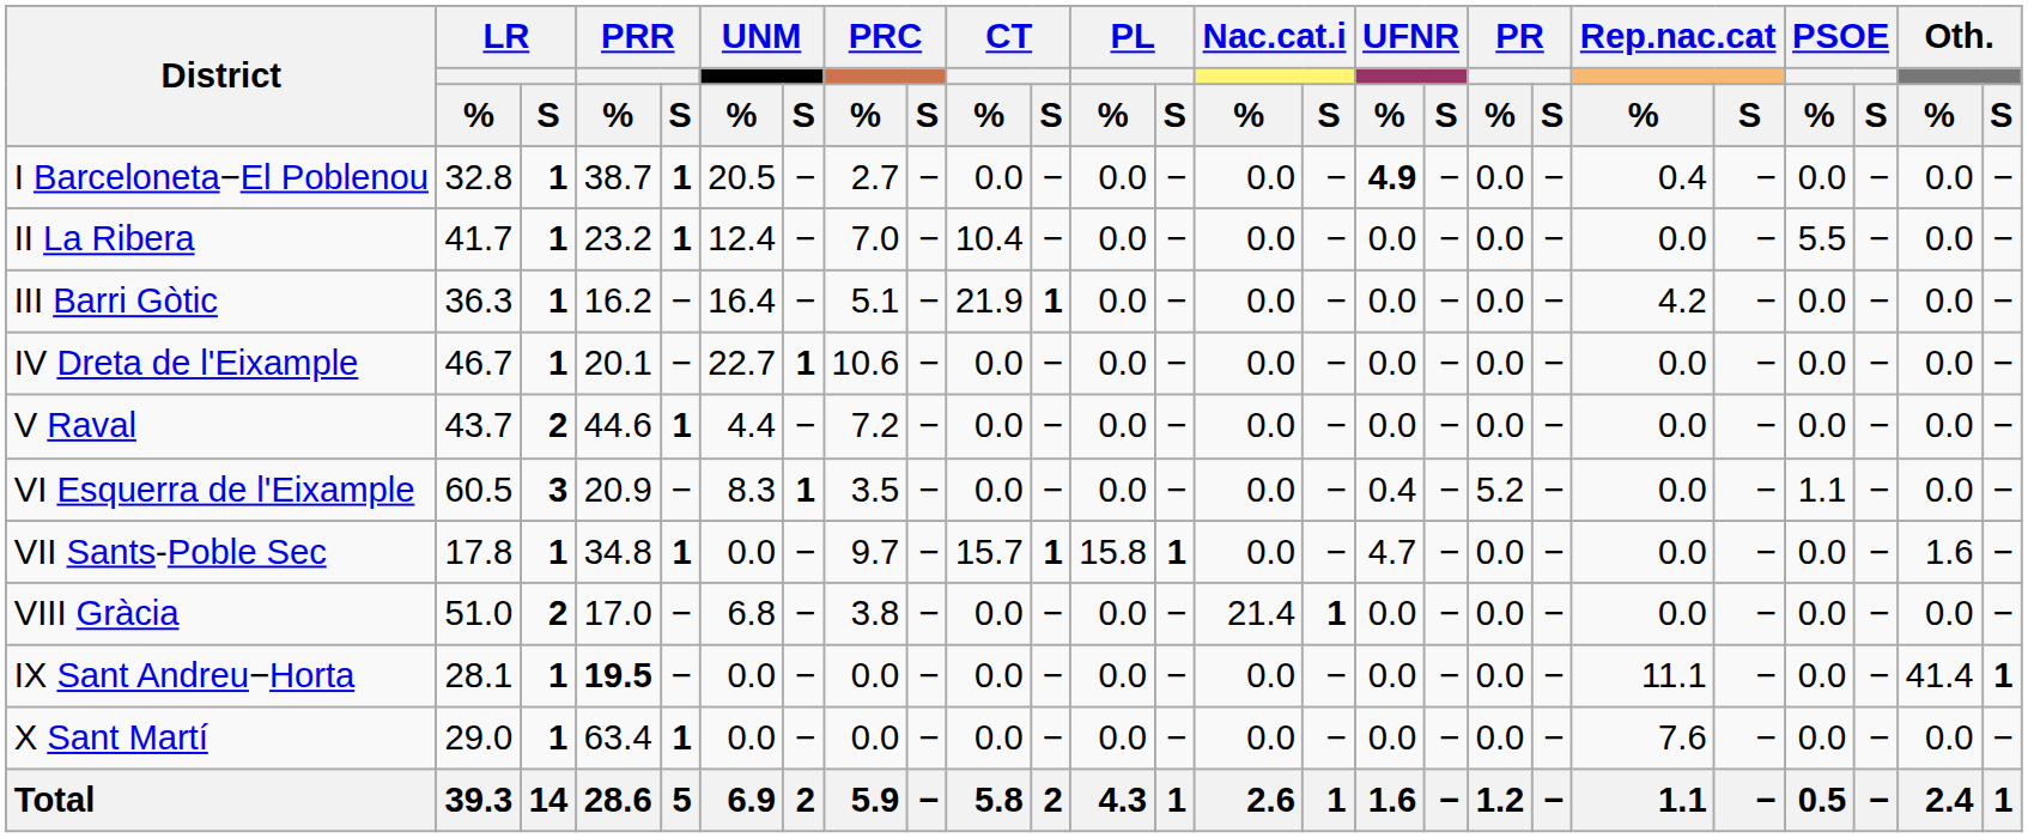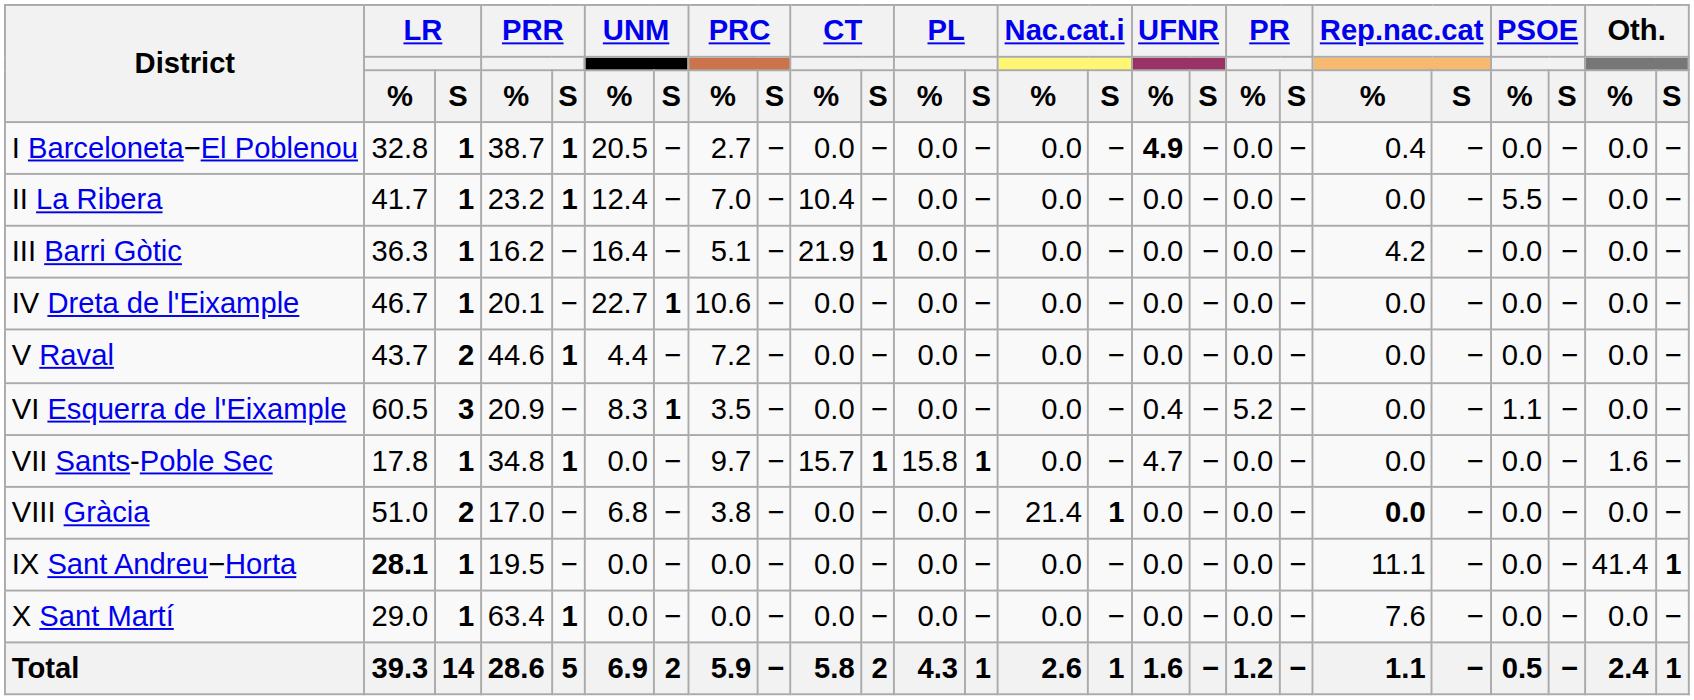 <table class='wikitable sortable' style="text-align:right; font-size:95%; line-height:20px">
 <tr>
 <th rowspan='3'>District</th>
 <th colspan='2' width='30px'><a href='#'>LR</a></th>
 <th colspan='2' width='30px'><a href='#'>PRR</a></th>
 <th colspan='2' width='30px'><a href='#'>UNM</a></th>
 <th colspan='2' width='30px'><a href='#'>PRC</a></th>
 <th colspan='2' width='30px'><a href='#'>CT</a></th>
 <th colspan='2' width='30px'><a href='#'>PL</a></th>
 <th colspan='2' width='30px'><a href='#'>Nac.cat.i</a></th>
 <th colspan='2' width='30px'><a href='#'>UFNR</a></th>
 <th colspan='2' width='30px'><a href='#'>PR</a></th>
 <th colspan='2' width='30px'><a href='#'>Rep.nac.cat</a></th>
 <th colspan='2' width='30px'><a href='#'>PSOE</a></th>
 <th colspan='2' width='30px'>Oth.</th>
 </tr>
 <tr>
 <th colspan='2' style='background:'></th>
 <th colspan='2' style='background:'></th>
 <th colspan='2' style='background:#000000'></th>
 <th colspan='2' style='background:#CC734C'></th>
 <th colspan='2' style='background:'></th>
 <th colspan='2' style='background:'></th>
 <th colspan='2' style='background:#FFF673'></th>
 <th colspan='2' style='background:#993366'></th>
 <th colspan='2' style='background:'></th>
 <th colspan='2' style='background:#F7B96F'></th>
 <th colspan='2' style='background:'></th>
 <th colspan='2' style='background:#777777'></th>
 </tr>
 <tr>
 <th data-sort-type='number'>%</th>
 <th data-sort-type='number'>S</th>
 <th data-sort-type='number'>%</th>
 <th data-sort-type='number'>S</th>
 <th data-sort-type='number'>%</th>
 <th data-sort-type='number'>S</th>
 <th data-sort-type='number'>%</th>
 <th data-sort-type='number'>S</th>
 <th data-sort-type='number'>%</th>
 <th data-sort-type='number'>S</th>
 <th data-sort-type='number'>%</th>
 <th data-sort-type='number'>S</th>
 <th data-sort-type='number'>%</th>
 <th data-sort-type='number'>S</th>
 <th data-sort-type='number'>%</th>
 <th data-sort-type='number'>S</th>
 <th data-sort-type='number'>%</th>
 <th data-sort-type='number'>S</th>
 <th data-sort-type='number'>%</th>
 <th data-sort-type='number'>S</th>
 <th data-sort-type='number'>%</th>
 <th data-sort-type='number'>S</th>
 <th data-sort-type='number'>%</th>
 <th data-sort-type='number'>S</th>
 </tr>
 <tr>
 <td style='text-align: left;'>I <a href='#'>Barceloneta</a>−<a href='#'>El Poblenou</a></td>
 <td style='text-align: right;'>32.8</td>
 <td style='text-align: right;'><strong>1</strong></td>
 <td style='text-align: right;'>38.7</td>
 <td style='text-align: right;'><strong>1</strong></td>
 <td style='text-align: right;'>20.5</td>
 <td style='text-align: right;'>−</td>
 <td style='text-align: right;'>2.7</td>
 <td style='text-align: right;'>−</td>
 <td style='text-align: right;'>0.0</td>
 <td style='text-align: right;'>−</td>
 <td style='text-align: right;'>0.0</td>
 <td style='text-align: right;'>−</td>
 <td style='text-align: right;'>0.0</td>
 <td style='text-align: right;'>−</td>
 <td style='text-align: right;'><strong>4.9</strong></td>
 <td style='text-align: right;'>−</td>
 <td style='text-align: right;'>0.0</td>
 <td style='text-align: right;'>−</td>
 <td style='text-align: right;'>0.4</td>
 <td style='text-align: right;'>−</td>
 <td style='text-align: right;'>0.0</td>
 <td style='text-align: right;'>−</td>
 <td style='text-align: right;'>0.0</td>
 <td style='text-align: right;'>−</td>
 </tr>
 <tr>
 <td style='text-align: left;'>II <a href='#'>La Ribera</a></td>
 <td style='text-align: right;'>41.7</td>
 <td style='text-align: right;'><strong>1</strong></td>
 <td style='text-align: right;'>23.2</td>
 <td style='text-align: right;'><strong>1</strong></td>
 <td style='text-align: right;'>12.4</td>
 <td style='text-align: right;'>−</td>
 <td style='text-align: right;'>7.0</td>
 <td style='text-align: right;'>−</td>
 <td style='text-align: right;'>10.4</td>
 <td style='text-align: right;'>−</td>
 <td style='text-align: right;'>0.0</td>
 <td style='text-align: right;'>−</td>
 <td style='text-align: right;'>0.0</td>
 <td style='text-align: right;'>−</td>
 <td style='text-align: right;'>0.0</td>
 <td style='text-align: right;'>−</td>
 <td style='text-align: right;'>0.0</td>
 <td style='text-align: right;'>−</td>
 <td style='text-align: right;'>0.0</td>
 <td style='text-align: right;'>−</td>
 <td style='text-align: right;'>5.5</td>
 <td style='text-align: right;'>−</td>
 <td style='text-align: right;'>0.0</td>
 <td style='text-align: right;'>−</td>
 </tr>
 <tr>
 <td style='text-align: left;'>III <a href='#'>Barri Gòtic</a></td>
 <td style='text-align: right;'>36.3</td>
 <td style='text-align: right;'><strong>1</strong></td>
 <td style='text-align: right;'>16.2</td>
 <td style='text-align: right;'>−</td>
 <td style='text-align: right;'>16.4</td>
 <td style='text-align: right;'>−</td>
 <td style='text-align: right;'>5.1</td>
 <td style='text-align: right;'>−</td>
 <td style='text-align: right;'>21.9</td>
 <td style='text-align: right;'><strong>1</strong></td>
 <td style='text-align: right;'>0.0</td>
 <td style='text-align: right;'>−</td>
 <td style='text-align: right;'>0.0</td>
 <td style='text-align: right;'>−</td>
 <td style='text-align: right;'>0.0</td>
 <td style='text-align: right;'>−</td>
 <td style='text-align: right;'>0.0</td>
 <td style='text-align: right;'>−</td>
 <td style='text-align: right;'>4.2</td>
 <td style='text-align: right;'>−</td>
 <td style='text-align: right;'>0.0</td>
 <td style='text-align: right;'>−</td>
 <td style='text-align: right;'>0.0</td>
 <td style='text-align: right;'>−</td>
 </tr>
 <tr>
 <td style='text-align: left;'>IV <a href='#'>Dreta de l'Eixample</a></td>
 <td style='text-align: right;'>46.7</td>
 <td style='text-align: right;'><strong>1</strong></td>
 <td style='text-align: right;'>20.1</td>
 <td style='text-align: right;'>−</td>
 <td style='text-align: right;'>22.7</td>
 <td style='text-align: right;'><strong>1</strong></td>
 <td style='text-align: right;'>10.6</td>
 <td style='text-align: right;'>−</td>
 <td style='text-align: right;'>0.0</td>
 <td style='text-align: right;'>−</td>
 <td style='text-align: right;'>0.0</td>
 <td style='text-align: right;'>−</td>
 <td style='text-align: right;'>0.0</td>
 <td style='text-align: right;'>−</td>
 <td style='text-align: right;'>0.0</td>
 <td style='text-align: right;'>−</td>
 <td style='text-align: right;'>0.0</td>
 <td style='text-align: right;'>−</td>
 <td style='text-align: right;'>0.0</td>
 <td style='text-align: right;'>−</td>
 <td style='text-align: right;'>0.0</td>
 <td style='text-align: right;'>−</td>
 <td style='text-align: right;'>0.0</td>
 <td style='text-align: right;'>−</td>
 </tr>
 <tr>
 <td style='text-align: left;'>V <a href='#'>Raval</a></td>
 <td style='text-align: right;'>43.7</td>
 <td style='text-align: right;'><strong>2</strong></td>
 <td style='text-align: right;'>44.6</td>
 <td style='text-align: right;'><strong>1</strong></td>
 <td style='text-align: right;'>4.4</td>
 <td style='text-align: right;'>−</td>
 <td style='text-align: right;'>7.2</td>
 <td style='text-align: right;'>−</td>
 <td style='text-align: right;'>0.0</td>
 <td style='text-align: right;'>−</td>
 <td style='text-align: right;'>0.0</td>
 <td style='text-align: right;'>−</td>
 <td style='text-align: right;'>0.0</td>
 <td style='text-align: right;'>−</td>
 <td style='text-align: right;'>0.0</td>
 <td style='text-align: right;'>−</td>
 <td style='text-align: right;'>0.0</td>
 <td style='text-align: right;'>−</td>
 <td style='text-align: right;'>0.0</td>
 <td style='text-align: right;'>−</td>
 <td style='text-align: right;'>0.0</td>
 <td style='text-align: right;'>−</td>
 <td style='text-align: right;'>0.0</td>
 <td style='text-align: right;'>−</td>
 </tr>
 <tr>
 <td style='text-align: left;'>VI <a href='#'>Esquerra de l'Eixample</a></td>
 <td style='text-align: right;'>60.5</td>
 <td style='text-align: right;'><strong>3</strong></td>
 <td style='text-align: right;'>20.9</td>
 <td style='text-align: right;'>−</td>
 <td style='text-align: right;'>8.3</td>
 <td style='text-align: right;'><strong>1</strong></td>
 <td style='text-align: right;'>3.5</td>
 <td style='text-align: right;'>−</td>
 <td style='text-align: right;'>0.0</td>
 <td style='text-align: right;'>−</td>
 <td style='text-align: right;'>0.0</td>
 <td style='text-align: right;'>−</td>
 <td style='text-align: right;'>0.0</td>
 <td style='text-align: right;'>−</td>
 <td style='text-align: right;'>0.4</td>
 <td style='text-align: right;'>−</td>
 <td style='text-align: right;'>5.2</td>
 <td style='text-align: right;'>−</td>
 <td style='text-align: right;'>0.0</td>
 <td style='text-align: right;'>−</td>
 <td style='text-align: right;'>1.1</td>
 <td style='text-align: right;'>−</td>
 <td style='text-align: right;'>0.0</td>
 <td style='text-align: right;'>−</td>
 </tr>
 <tr>
 <td style='text-align: left;'>VII <a href='#'>Sants</a>-<a href='#'>Poble Sec</a></td>
 <td style='text-align: right;'>17.8</td>
 <td style='text-align: right;'><strong>1</strong></td>
 <td style='text-align: right;'>34.8</td>
 <td style='text-align: right;'><strong>1</strong></td>
 <td style='text-align: right;'>0.0</td>
 <td style='text-align: right;'>−</td>
 <td style='text-align: right;'>9.7</td>
 <td style='text-align: right;'>−</td>
 <td style='text-align: right;'>15.7</td>
 <td style='text-align: right;'><strong>1</strong></td>
 <td style='text-align: right;'>15.8</td>
 <td style='text-align: right;'><strong>1</strong></td>
 <td style='text-align: right;'>0.0</td>
 <td style='text-align: right;'>−</td>
 <td style='text-align: right;'>4.7</td>
 <td style='text-align: right;'>−</td>
 <td style='text-align: right;'>0.0</td>
 <td style='text-align: right;'>−</td>
 <td style='text-align: right;'>0.0</td>
 <td style='text-align: right;'>−</td>
 <td style='text-align: right;'>0.0</td>
 <td style='text-align: right;'>−</td>
 <td style='text-align: right;'>1.6</td>
 <td style='text-align: right;'>−</td>
 </tr>
 <tr>
 <td style='text-align: left;'>VIII <a href='#'>Gràcia</a></td>
 <td style='text-align: right;'>51.0</td>
 <td style='text-align: right;'><strong>2</strong></td>
 <td style='text-align: right;'>17.0</td>
 <td style='text-align: right;'>−</td>
 <td style='text-align: right;'>6.8</td>
 <td style='text-align: right;'>−</td>
 <td style='text-align: right;'>3.8</td>
 <td style='text-align: right;'>−</td>
 <td style='text-align: right;'>0.0</td>
 <td style='text-align: right;'>−</td>
 <td style='text-align: right;'>0.0</td>
 <td style='text-align: right;'>−</td>
 <td style='text-align: right;'>21.4</td>
 <td style='text-align: right;'><strong>1</strong></td>
 <td style='text-align: right;'>0.0</td>
 <td style='text-align: right;'>−</td>
 <td style='text-align: right;'>0.0</td>
 <td style='text-align: right;'>−</td>
-<td style='text-align: right;'>0.0</td>
+<td style='text-align: right;'><strong>0.0</strong></td>
 <td style='text-align: right;'>−</td>
 <td style='text-align: right;'>0.0</td>
 <td style='text-align: right;'>−</td>
 <td style='text-align: right;'>0.0</td>
 <td style='text-align: right;'>−</td>
 </tr>
 <tr>
 <td style='text-align: left;'>IX <a href='#'>Sant Andreu</a>−<a href='#'>Horta</a></td>
-<td style='text-align: right;'>28.1</td>
+<td style='text-align: right;'><strong>28.1</strong></td>
 <td style='text-align: right;'><strong>1</strong></td>
-<td style='text-align: right;'><strong>19.5</strong></td>
+<td style='text-align: right;'>19.5</td>
 <td style='text-align: right;'>−</td>
 <td style='text-align: right;'>0.0</td>
 <td style='text-align: right;'>−</td>
 <td style='text-align: right;'>0.0</td>
 <td style='text-align: right;'>−</td>
 <td style='text-align: right;'>0.0</td>
 <td style='text-align: right;'>−</td>
 <td style='text-align: right;'>0.0</td>
 <td style='text-align: right;'>−</td>
 <td style='text-align: right;'>0.0</td>
 <td style='text-align: right;'>−</td>
 <td style='text-align: right;'>0.0</td>
 <td style='text-align: right;'>−</td>
 <td style='text-align: right;'>0.0</td>
 <td style='text-align: right;'>−</td>
 <td style='text-align: right;'>11.1</td>
 <td style='text-align: right;'>−</td>
 <td style='text-align: right;'>0.0</td>
 <td style='text-align: right;'>−</td>
 <td style='text-align: right;'>41.4</td>
 <td style='text-align: right;'><strong>1</strong></td>
 </tr>
 <tr>
 <td style='text-align: left;'>X <a href='#'>Sant Martí</a></td>
 <td style='text-align: right;'>29.0</td>
 <td style='text-align: right;'><strong>1</strong></td>
 <td style='text-align: right;'>63.4</td>
 <td style='text-align: right;'><strong>1</strong></td>
 <td style='text-align: right;'>0.0</td>
 <td style='text-align: right;'>−</td>
 <td style='text-align: right;'>0.0</td>
 <td style='text-align: right;'>−</td>
 <td style='text-align: right;'>0.0</td>
 <td style='text-align: right;'>−</td>
 <td style='text-align: right;'>0.0</td>
 <td style='text-align: right;'>−</td>
 <td style='text-align: right;'>0.0</td>
 <td style='text-align: right;'>−</td>
 <td style='text-align: right;'>0.0</td>
 <td style='text-align: right;'>−</td>
 <td style='text-align: right;'>0.0</td>
 <td style='text-align: right;'>−</td>
 <td style='text-align: right;'>7.6</td>
 <td style='text-align: right;'>−</td>
 <td style='text-align: right;'>0.0</td>
 <td style='text-align: right;'>−</td>
 <td style='text-align: right;'>0.0</td>
 <td style='text-align: right;'>−</td>
 </tr>
 <tr>
 <th style='text-align: left;'>Total</th>
 <th style='text-align: right;'>39.3</th>
 <th style='text-align: right;'><strong>14</strong></th>
 <th style='text-align: right;'>28.6</th>
 <th style='text-align: right;'><strong>5</strong></th>
 <th style='text-align: right;'>6.9</th>
 <th style='text-align: right;'><strong>2</strong></th>
 <th style='text-align: right;'>5.9</th>
 <th style='text-align: right;'>−</th>
 <th style='text-align: right;'>5.8</th>
 <th style='text-align: right;'><strong>2</strong></th>
 <th style='text-align: right;'>4.3</th>
 <th style='text-align: right;'><strong>1</strong></th>
 <th style='text-align: right;'>2.6</th>
 <th style='text-align: right;'><strong>1</strong></th>
 <th style='text-align: right;'>1.6</th>
 <th style='text-align: right;'>−</th>
 <th style='text-align: right;'>1.2</th>
 <th style='text-align: right;'>−</th>
 <th style='text-align: right;'>1.1</th>
 <th style='text-align: right;'>−</th>
 <th style='text-align: right;'>0.5</th>
 <th style='text-align: right;'>−</th>
 <th style='text-align: right;'>2.4</th>
 <th style='text-align: right;'><strong>1</strong></th>
 </tr>
 </table>
